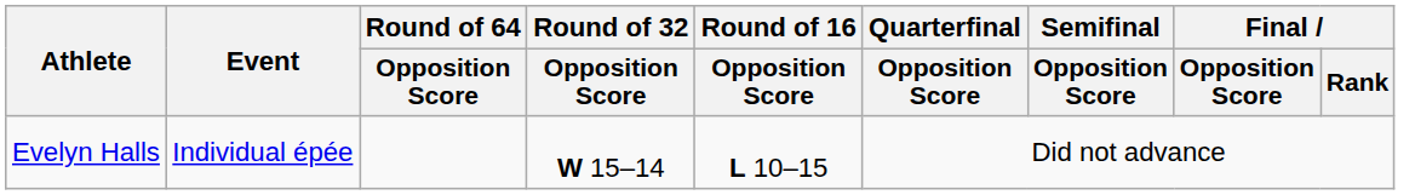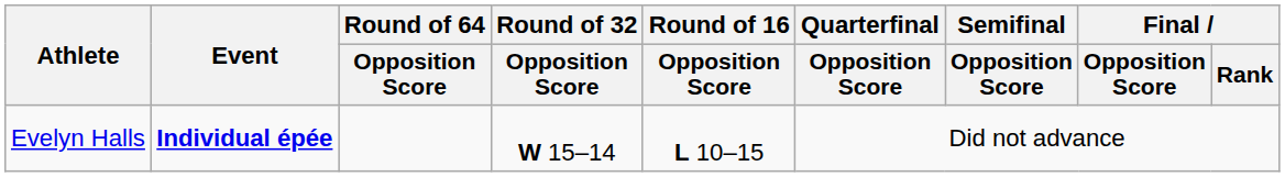 <table class="wikitable" style="font-size:90%">
 <tr>
 <th rowspan="2">Athlete</th>
 <th rowspan="2">Event</th>
 <th>Round of 64</th>
 <th>Round of 32</th>
 <th>Round of 16</th>
 <th>Quarterfinal</th>
 <th>Semifinal</th>
 <th colspan=2>Final / </th>
 </tr>
 <tr style="font-size:95%">
 <th>Opposition <br> Score</th>
 <th>Opposition <br> Score</th>
 <th>Opposition <br> Score</th>
 <th>Opposition <br> Score</th>
 <th>Opposition <br> Score</th>
 <th>Opposition <br> Score</th>
 <th>Rank</th>
 </tr>
 <tr align=center>
 <td align=left><a href='#'>Evelyn Halls</a></td>
-<td align=left><a href='#'>Individual épée</a></td>
+<td align=left><strong><a href='#'>Individual épée</a></strong></td>
 <td></td>
 <td><br><strong>W</strong> 15–14</td>
 <td><br><strong>L</strong> 10–15</td>
 <td colspan=4>Did not advance</td>
 </tr>
 </table>
